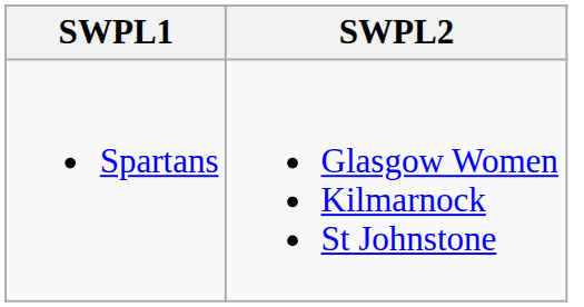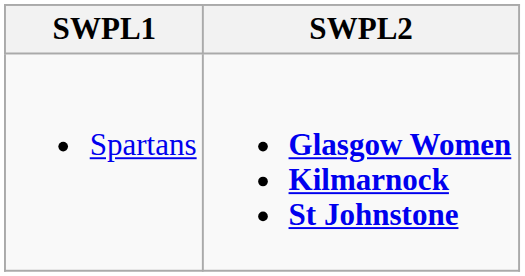 <table class="wikitable" style="text-align:left">
 <tr>
 <th>SWPL1</th>
 <th>SWPL2</th>
 </tr>
 <tr>
 <td valign=top><br><ul><li><a href='#'>Spartans</a></li></ul></td>
-<td valign=top><br><ul><li><a href='#'>Glasgow Women</a></li><li><a href='#'>Kilmarnock</a></li><li><a href='#'>St Johnstone</a></li></ul></td>
+<td valign=top><strong><br><ul><li><a href='#'>Glasgow Women</a></li><li><a href='#'>Kilmarnock</a></li><li><a href='#'>St Johnstone</a></li></ul></strong></td>
 </tr>
 </table>
